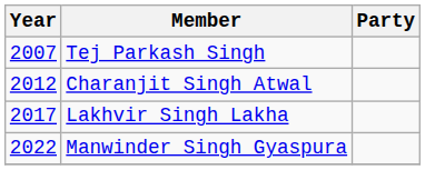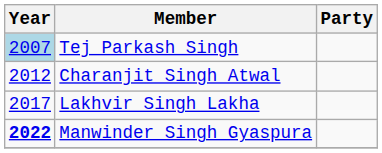 <table class="wikitable sortable">
 <tr>
 <th>Year</th>
 <th>Member</th>
 <th colspan="2">Party</th>
 </tr>
 <tr>
-<td><a href='#'>2007</a></td>
+<td style="background: lightblue;"><a href='#'>2007</a></td>
 <td><a href='#'>Tej Parkash Singh</a></td>
 <td></td>
 </tr>
 <tr>
 <td><a href='#'>2012</a></td>
 <td><a href='#'>Charanjit Singh Atwal</a></td>
 <td></td>
 </tr>
 <tr>
 <td><a href='#'>2017</a></td>
 <td><a href='#'>Lakhvir Singh Lakha</a></td>
 <td></td>
 </tr>
 <tr>
-<td><a href='#'>2022</a></td>
+<td><strong><a href='#'>2022</a></strong></td>
 <td><a href='#'>Manwinder Singh Gyaspura</a></td>
 <td></td>
 </tr>
 <tr>
 </tr>
 </table>
